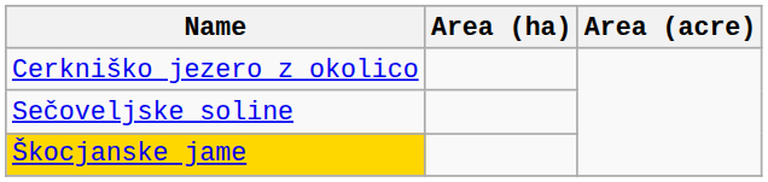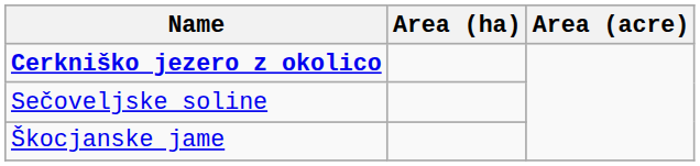 <table class="wikitable">
 <tr>
 <th scope="col" align=left>Name</th>
 <th scope="col">Area (ha)</th>
 <th scope="col">Area (acre)</th>
 </tr>
 <tr ---->
-<td><a href='#'>Cerkniško jezero z okolico</a></td>
+<td><strong><a href='#'>Cerkniško jezero z okolico</a></strong></td>
 <td></td>
 </tr>
 <tr ---->
 <td><a href='#'>Sečoveljske soline</a></td>
 <td></td>
 </tr>
 <tr ---->
-<td style="background: gold;"><a href='#'>Škocjanske jame</a></td>
+<td><a href='#'>Škocjanske jame</a></td>
 <td></td>
 </tr>
 </table>
